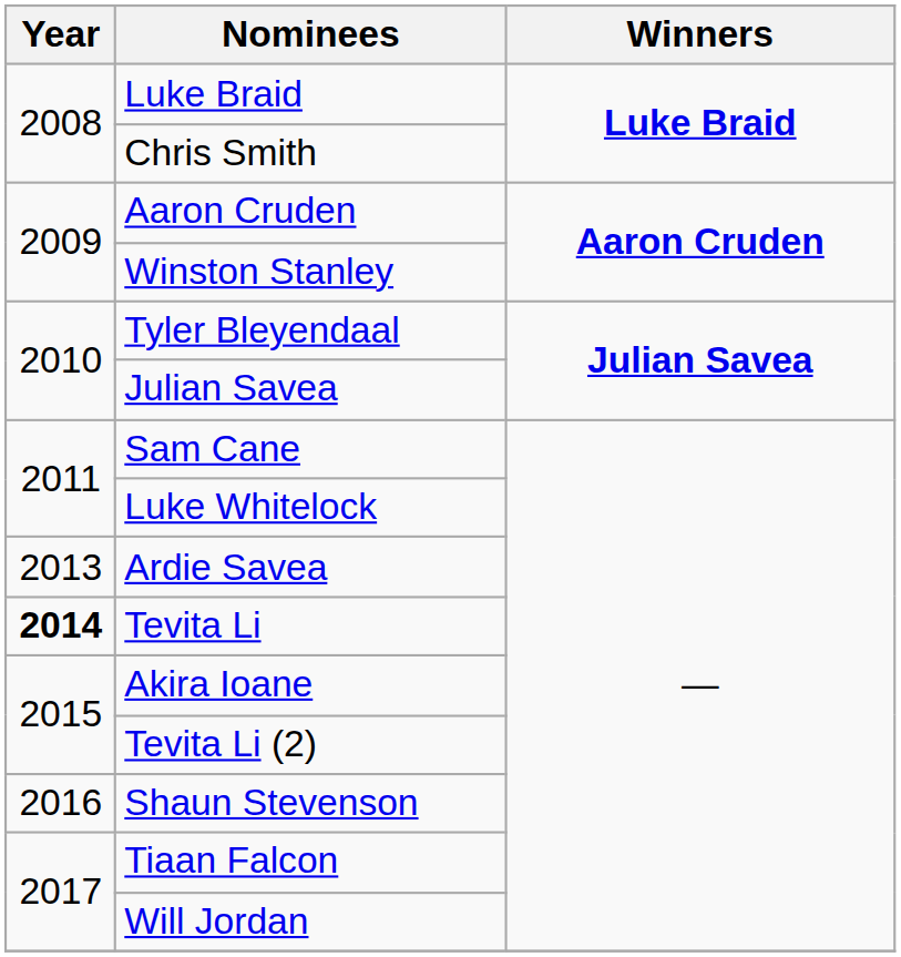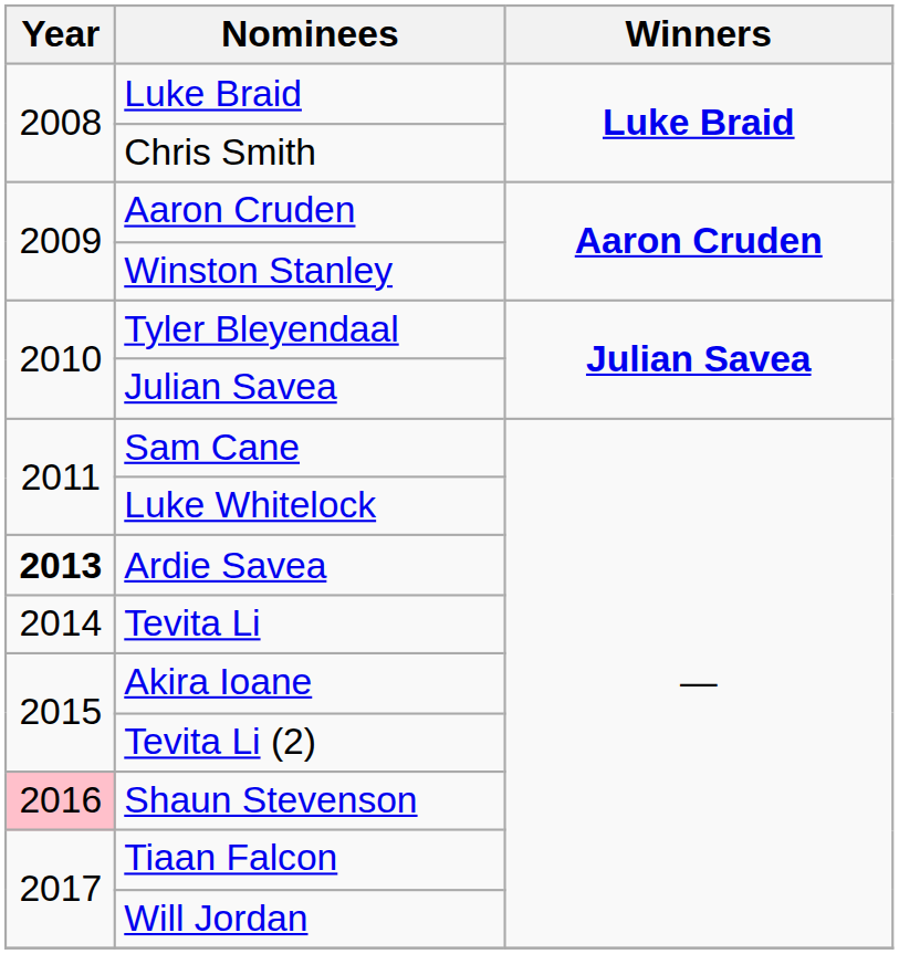 <table class="wikitable">
 <tr>
 <th width=40>Year</th>
 <th width=160>Nominees</th>
 <th width=160>Winners</th>
 </tr>
 <tr>
 <td align=center rowspan=2>2008</td>
 <td><a href='#'>Luke Braid</a></td>
 <td align=center rowspan=2><strong><a href='#'>Luke Braid</a></strong></td>
 </tr>
 <tr>
 <td>Chris Smith</td>
 </tr>
 <tr>
 <td align=center rowspan=2>2009</td>
 <td><a href='#'>Aaron Cruden</a></td>
 <td align=center rowspan=2><strong><a href='#'>Aaron Cruden</a></strong></td>
 </tr>
 <tr>
 <td><a href='#'>Winston Stanley</a></td>
 </tr>
 <tr>
 <td align=center rowspan=2>2010</td>
 <td><a href='#'>Tyler Bleyendaal</a></td>
 <td align=center rowspan=2><strong><a href='#'>Julian Savea</a></strong></td>
 </tr>
 <tr>
 <td><a href='#'>Julian Savea</a></td>
 </tr>
 <tr>
 <td align=center rowspan=2>2011</td>
 <td><a href='#'>Sam Cane</a></td>
 <td align=center rowspan=9>—</td>
 </tr>
 <tr>
 <td><a href='#'>Luke Whitelock</a></td>
 </tr>
 <tr>
-<td align=center>2013</td>
+<td align=center><strong>2013</strong></td>
 <td><a href='#'>Ardie Savea</a></td>
 </tr>
 <tr>
-<td align=center><strong>2014</strong></td>
+<td align=center>2014</td>
 <td><a href='#'>Tevita Li</a></td>
 </tr>
 <tr>
 <td align=center rowspan=2>2015</td>
 <td><a href='#'>Akira Ioane</a></td>
 </tr>
 <tr>
 <td><a href='#'>Tevita Li</a> (2)</td>
 </tr>
 <tr>
-<td align=center>2016</td>
+<td align=center style="background: pink;">2016</td>
 <td><a href='#'>Shaun Stevenson</a></td>
 </tr>
 <tr>
 <td align=center rowspan=2>2017</td>
 <td><a href='#'>Tiaan Falcon</a></td>
 </tr>
 <tr>
 <td><a href='#'>Will Jordan</a></td>
 </tr>
 <tr>
 </tr>
 </table>
